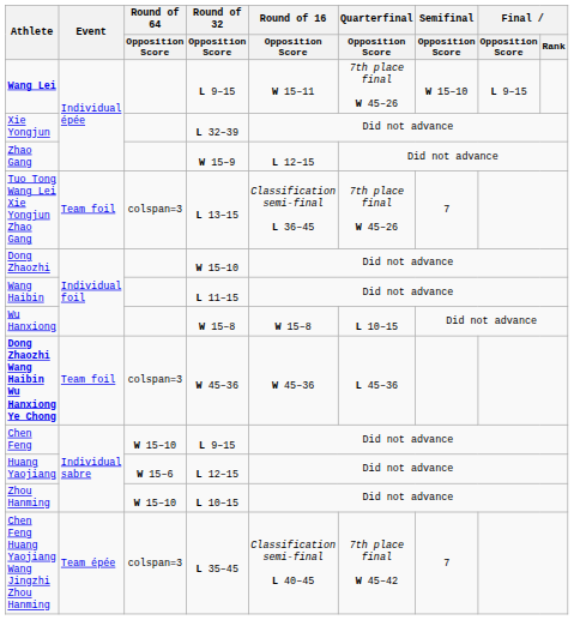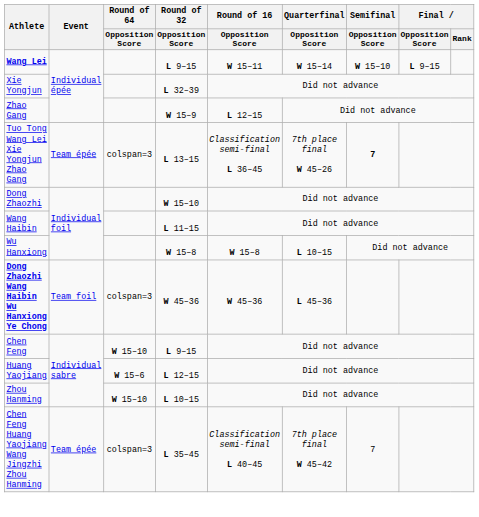 <table class="wikitable" style="font-size:90%">
 <tr>
 <th rowspan="2">Athlete</th>
 <th rowspan="2">Event</th>
 <th>Round of 64</th>
 <th>Round of 32</th>
 <th>Round of 16</th>
 <th>Quarterfinal</th>
 <th>Semifinal</th>
 <th colspan=2>Final / </th>
 </tr>
 <tr style="font-size:95%">
 <th>Opposition <br> Score</th>
 <th>Opposition <br> Score</th>
 <th>Opposition <br> Score</th>
 <th>Opposition <br> Score</th>
 <th>Opposition <br> Score</th>
 <th>Opposition <br> Score</th>
 <th>Rank</th>
 </tr>
 <tr align=center>
 <td align=left><strong><a href='#'>Wang Lei</a></strong></td>
 <td style="text-align:left;" rowspan="3"><a href='#'>Individual épée</a></td>
 <td></td>
 <td><br><strong>L</strong> 9–15</td>
 <td><br><strong>W</strong> 15–11</td>
-<td><em>7th place final</em><br><br><strong>W</strong> 45–26</td>
+<td><br><strong>W</strong> 15–14</td>
 <td><br><strong>W</strong> 15–10</td>
 <td><br><strong>L</strong> 9–15</td>
 <td></td>
 </tr>
 <tr align=center>
 <td align=left><a href='#'>Xie Yongjun</a></td>
 <td></td>
 <td><br><strong>L</strong> 32–39</td>
 <td colspan=5>Did not advance</td>
 </tr>
 <tr align=center>
 <td align=left><a href='#'>Zhao Gang</a></td>
 <td></td>
 <td><br><strong>W</strong> 15–9</td>
 <td><br><strong>L</strong> 12–15</td>
 <td colspan=4>Did not advance</td>
 </tr>
 <tr align=center>
 <td align=left><a href='#'>Tuo Tong</a><br><a href='#'>Wang Lei</a><br><a href='#'>Xie Yongjun</a><br><a href='#'>Zhao Gang</a></td>
-<td align=left><a href='#'>Team foil</a></td>
+<td align=left><a href='#'>Team épée</a></td>
 <td>colspan=3 </td>
 <td><br><strong>L</strong> 13–15</td>
 <td><em>Classification semi-final</em><br><br><strong>L</strong> 36–45</td>
 <td><em>7th place final</em><br><br><strong>W</strong> 45–26</td>
-<td>7</td>
+<td><strong>7</strong></td>
 </tr>
 <tr align=center>
 <td align=left><a href='#'>Dong Zhaozhi</a></td>
 <td style="text-align:left;" rowspan="3"><a href='#'>Individual foil</a></td>
 <td></td>
 <td><br><strong>W</strong> 15–10</td>
 <td colspan=5>Did not advance</td>
 </tr>
 <tr align=center>
 <td align=left><a href='#'>Wang Haibin</a></td>
 <td></td>
 <td><br><strong>L</strong> 11–15</td>
 <td colspan=5>Did not advance</td>
 </tr>
 <tr align=center>
 <td align=left><a href='#'>Wu Hanxiong</a></td>
 <td></td>
 <td><br><strong>W</strong> 15–8</td>
 <td><br><strong>W</strong> 15–8</td>
 <td><br><strong>L</strong> 10–15</td>
 <td colspan=3>Did not advance</td>
 </tr>
 <tr align=center>
 <td align=left><strong><a href='#'>Dong Zhaozhi</a><br><a href='#'>Wang Haibin</a><br><a href='#'>Wu Hanxiong</a><br><a href='#'>Ye Chong</a></strong></td>
 <td align=left><a href='#'>Team foil</a></td>
 <td>colspan=3 </td>
 <td><br><strong>W</strong> 45–36</td>
 <td><br><strong>W</strong> 45–36</td>
 <td><br><strong>L</strong> 45–36</td>
 <td></td>
 </tr>
 <tr align=center>
 <td align=left><a href='#'>Chen Feng</a></td>
 <td style="text-align:left;" rowspan="3"><a href='#'>Individual sabre</a></td>
 <td><br><strong>W</strong> 15–10</td>
 <td><br><strong>L</strong> 9–15</td>
 <td colspan=6>Did not advance</td>
 </tr>
 <tr align=center>
 <td align=left><a href='#'>Huang Yaojiang</a></td>
 <td><br><strong>W</strong> 15–6</td>
 <td><br><strong>L</strong> 12–15</td>
 <td colspan=5>Did not advance</td>
 </tr>
 <tr align=center>
 <td align=left><a href='#'>Zhou Hanming</a></td>
 <td><br><strong>W</strong> 15–10</td>
 <td><br><strong>L</strong> 10–15</td>
 <td colspan=5>Did not advance</td>
 </tr>
 <tr align=center>
 <td align=left><a href='#'>Chen Feng</a><br><a href='#'>Huang Yaojiang</a><br><a href='#'>Wang Jingzhi</a><br><a href='#'>Zhou Hanming</a></td>
 <td align=left><a href='#'>Team épée</a></td>
 <td>colspan=3 </td>
 <td><br><strong>L</strong> 35–45</td>
 <td><em>Classification semi-final</em><br><br><strong>L</strong> 40–45</td>
 <td><em>7th place final</em><br><br><strong>W</strong> 45–42</td>
 <td>7</td>
 </tr>
 </table>
